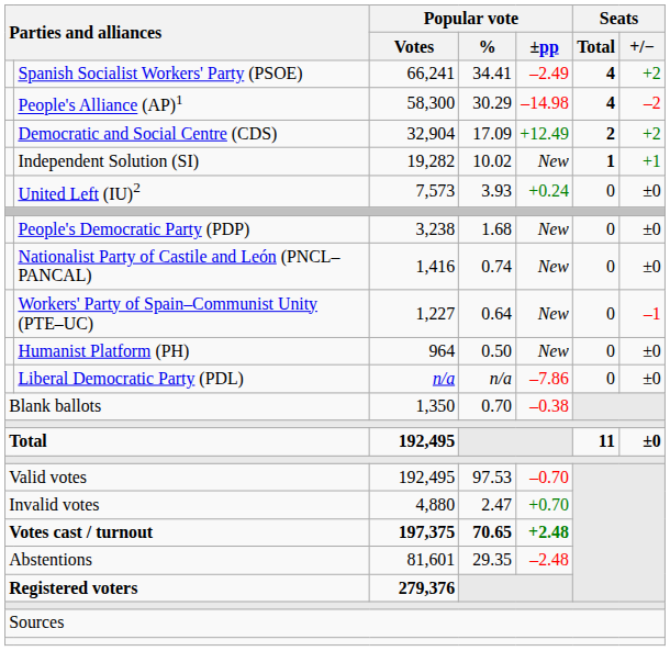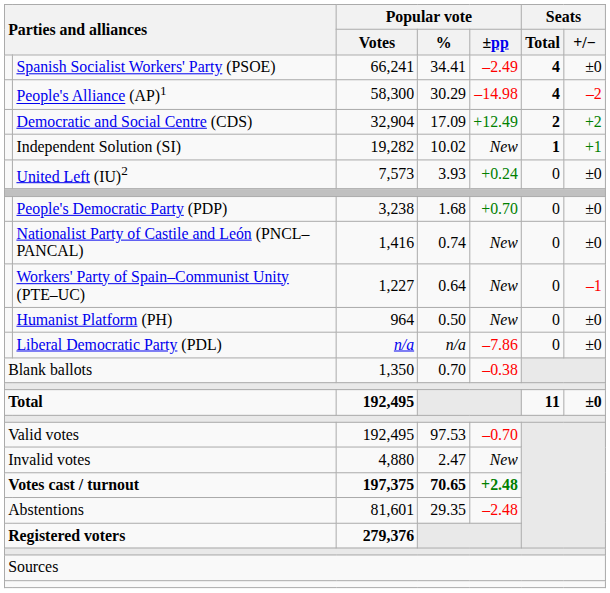 <table class="wikitable" style="text-align:right;">
 <tr>
 <th style="text-align:left;" rowspan="2" colspan="2" width="525">Parties and alliances</th>
 <th colspan="3">Popular vote</th>
 <th colspan="2">Seats</th>
 </tr>
 <tr>
 <th width="75">Votes</th>
 <th width="45">%</th>
 <th width="45">±<a href='#'>pp</a></th>
 <th width="35">Total</th>
 <th width="35">+/−</th>
 </tr>
 <tr>
 <td width="1" style="color:inherit;background:"></td>
 <td align="left"><a href='#'>Spanish Socialist Workers' Party</a> (PSOE)</td>
 <td>66,241</td>
 <td>34.41</td>
 <td style="color:red;">–2.49</td>
 <td><strong>4</strong></td>
-<td style="color:green;">+2</td>
+<td>±0</td>
 </tr>
 <tr>
 <td style="color:inherit;background:"></td>
 <td align="left"><a href='#'>People's Alliance</a> (AP)<sup>1</sup></td>
 <td>58,300</td>
 <td>30.29</td>
 <td style="color:red;">–14.98</td>
 <td><strong>4</strong></td>
 <td style="color:red;">–2</td>
 </tr>
 <tr>
 <td style="color:inherit;background:"></td>
 <td align="left"><a href='#'>Democratic and Social Centre</a> (CDS)</td>
 <td>32,904</td>
 <td>17.09</td>
 <td style="color:green;">+12.49</td>
 <td><strong>2</strong></td>
 <td style="color:green;">+2</td>
 </tr>
 <tr>
 <td style="color:inherit;background:"></td>
 <td align="left">Independent Solution (SI)</td>
 <td>19,282</td>
 <td>10.02</td>
 <td><em>New</em></td>
 <td><strong>1</strong></td>
 <td style="color:green;">+1</td>
 </tr>
 <tr>
 <td style="color:inherit;background:"></td>
 <td align="left"><a href='#'>United Left</a> (IU)<sup>2</sup></td>
 <td>7,573</td>
 <td>3.93</td>
 <td style="color:green;">+0.24</td>
 <td>0</td>
 <td>±0</td>
 </tr>
 <tr>
 <td colspan="7" bgcolor="#C0C0C0"></td>
 </tr>
 <tr>
 <td style="color:inherit;background:"></td>
 <td align="left"><a href='#'>People's Democratic Party</a> (PDP)</td>
 <td>3,238</td>
 <td>1.68</td>
-<td><em>New</em></td>
+<td style="color:green;">+0.70</td>
 <td>0</td>
 <td>±0</td>
 </tr>
 <tr>
 <td style="color:inherit;background:"></td>
 <td align="left"><a href='#'>Nationalist Party of Castile and León</a> (PNCL–PANCAL)</td>
 <td>1,416</td>
 <td>0.74</td>
 <td><em>New</em></td>
 <td>0</td>
 <td>±0</td>
 </tr>
 <tr>
 <td style="color:inherit;background:"></td>
 <td align="left"><a href='#'>Workers' Party of Spain–Communist Unity</a> (PTE–UC)</td>
 <td>1,227</td>
 <td>0.64</td>
 <td><em>New</em></td>
 <td>0</td>
 <td style="color:red;">–1</td>
 </tr>
 <tr>
 <td style="color:inherit;background:"></td>
 <td align="left"><a href='#'>Humanist Platform</a> (PH)</td>
 <td>964</td>
 <td>0.50</td>
 <td><em>New</em></td>
 <td>0</td>
 <td>±0</td>
 </tr>
 <tr>
 <td style="color:inherit;background:"></td>
 <td align="left"><a href='#'>Liberal Democratic Party</a> (PDL)</td>
 <td><em><a href='#'>n/a</a></em></td>
 <td><em>n/a</em></td>
 <td style="color:red;">–7.86</td>
 <td>0</td>
 <td>±0</td>
 </tr>
 <tr>
 <td align="left" colspan="2">Blank ballots</td>
 <td>1,350</td>
 <td>0.70</td>
 <td style="color:red;">–0.38</td>
 <td bgcolor="#E9E9E9" colspan="2"></td>
 </tr>
 <tr>
 <td colspan="7" bgcolor="#E9E9E9"></td>
 </tr>
 <tr style="font-weight:bold;">
 <td align="left" colspan="2">Total</td>
 <td>192,495</td>
 <td bgcolor="#E9E9E9" colspan="2"></td>
 <td>11</td>
 <td>±0</td>
 </tr>
 <tr>
 <td colspan="7" bgcolor="#E9E9E9"></td>
 </tr>
 <tr>
 <td align="left" colspan="2">Valid votes</td>
 <td>192,495</td>
 <td>97.53</td>
 <td style="color:red;">–0.70</td>
 <td bgcolor="#E9E9E9" colspan="2" rowspan="5"></td>
 </tr>
 <tr>
 <td align="left" colspan="2">Invalid votes</td>
 <td>4,880</td>
 <td>2.47</td>
-<td style="color:green;">+0.70</td>
+<td><em>New</em></td>
 </tr>
 <tr style="font-weight:bold;">
 <td align="left" colspan="2">Votes cast / turnout</td>
 <td>197,375</td>
 <td>70.65</td>
 <td style="color:green;">+2.48</td>
 </tr>
 <tr>
 <td align="left" colspan="2">Abstentions</td>
 <td>81,601</td>
 <td>29.35</td>
 <td style="color:red;">–2.48</td>
 </tr>
 <tr style="font-weight:bold;">
 <td align="left" colspan="2">Registered voters</td>
 <td>279,376</td>
 <td bgcolor="#E9E9E9" colspan="2"></td>
 </tr>
 <tr>
 <td colspan="7" bgcolor="#E9E9E9"></td>
 </tr>
 <tr>
 <td align="left" colspan="7">Sources</td>
 </tr>
 <tr>
 <td colspan="7" style="text-align:left; max-width:790px;"></td>
 </tr>
 </table>
